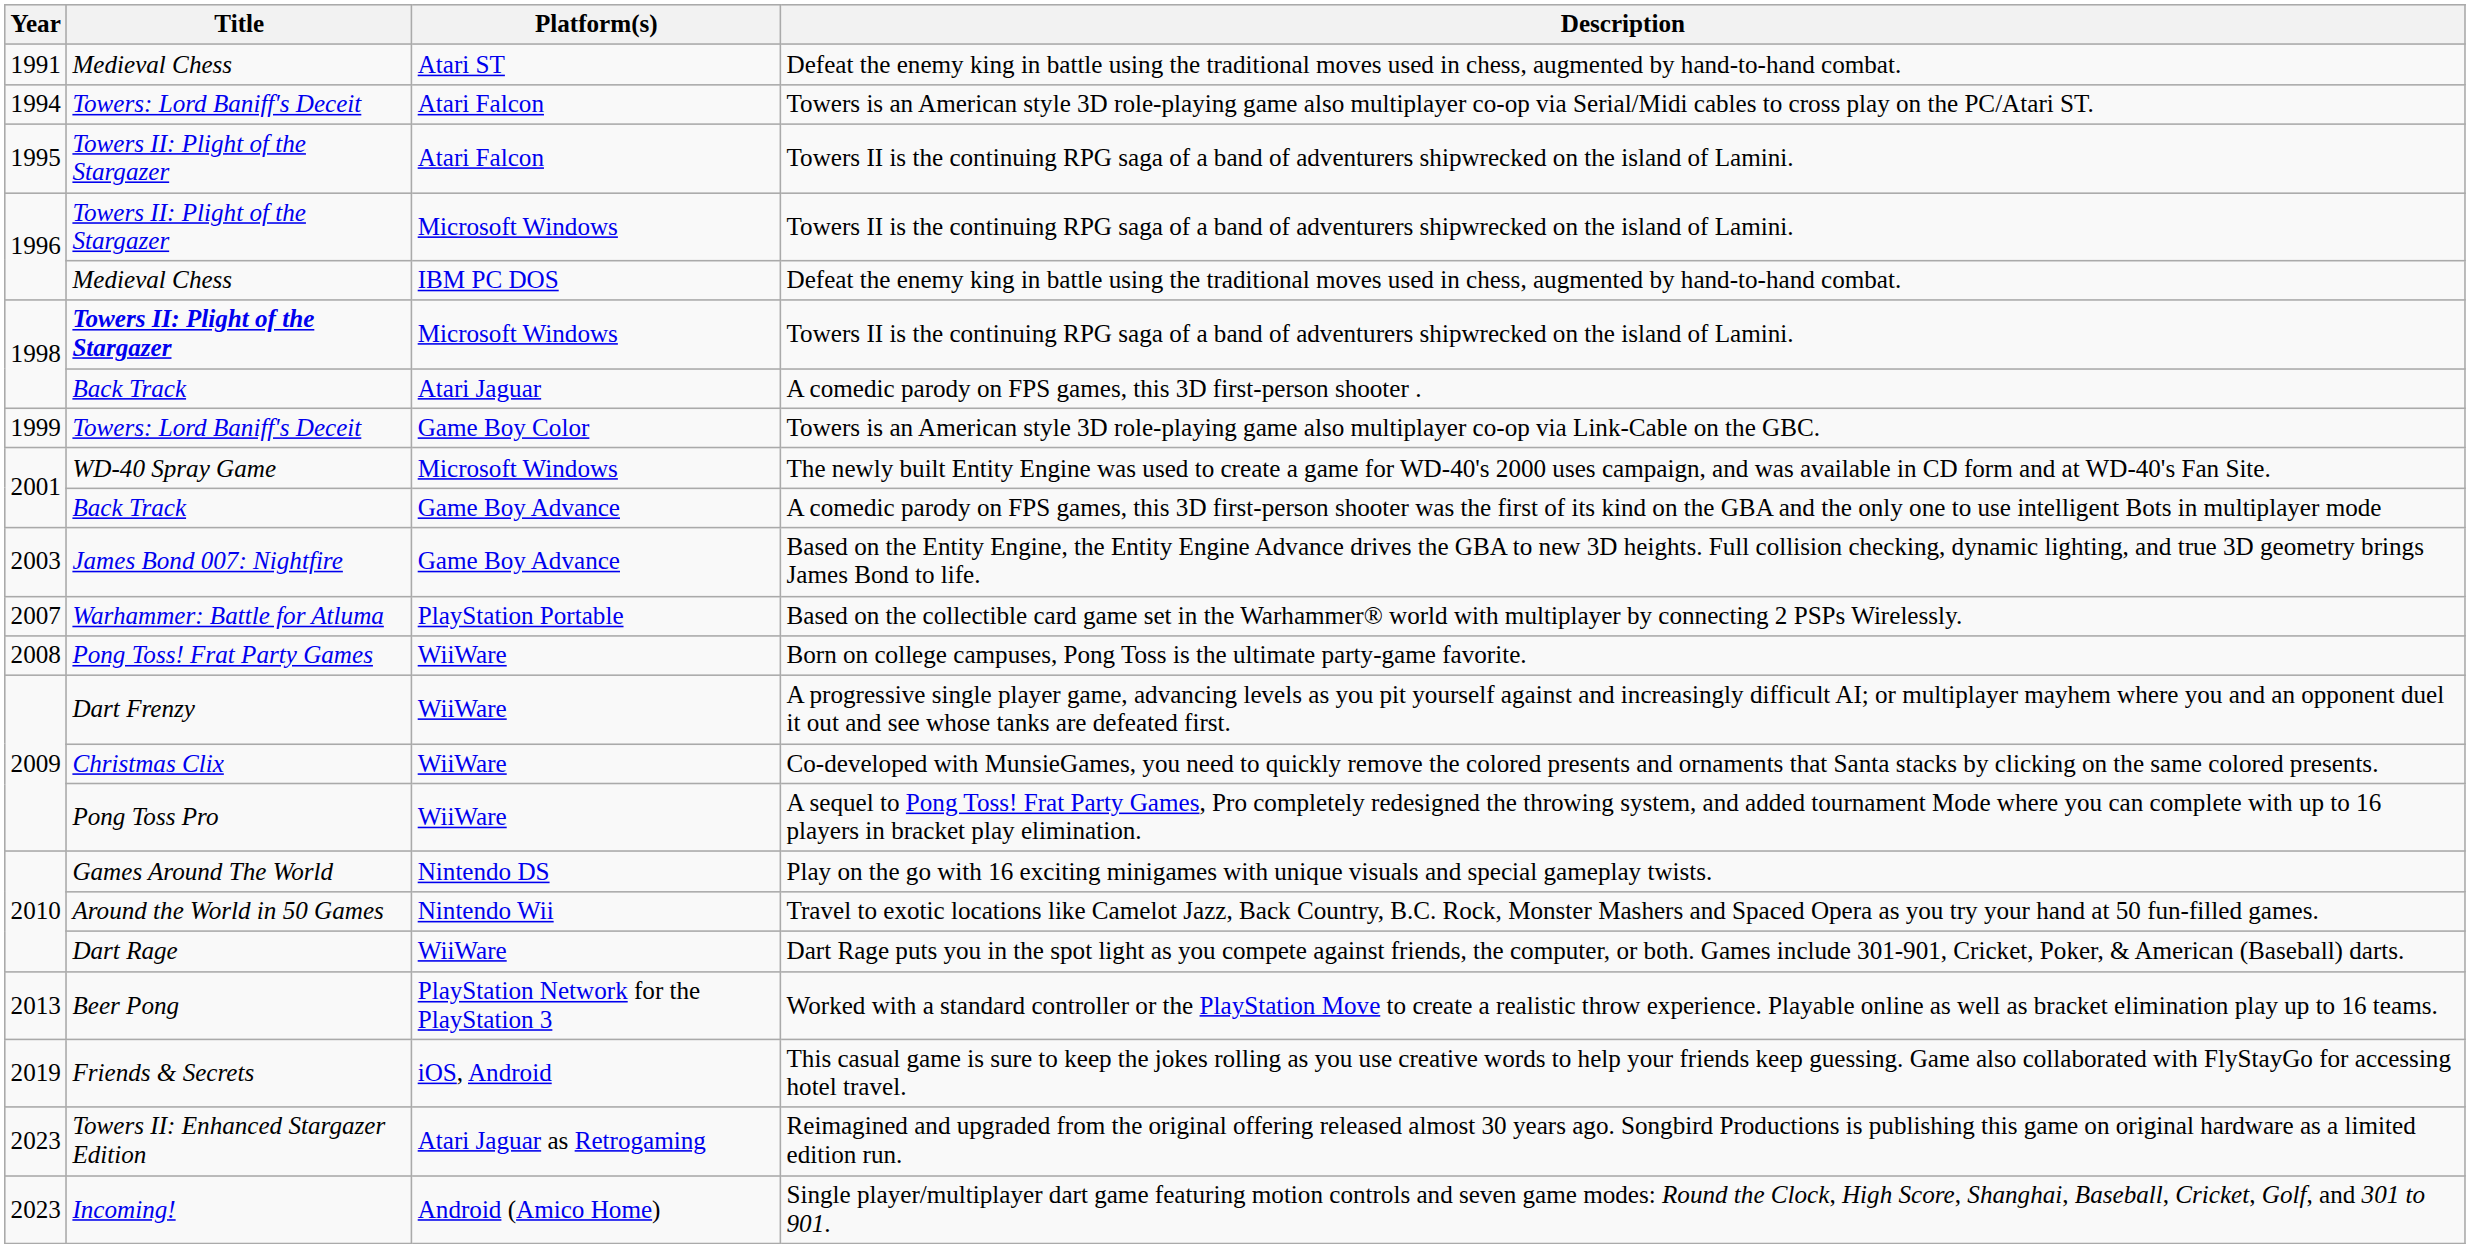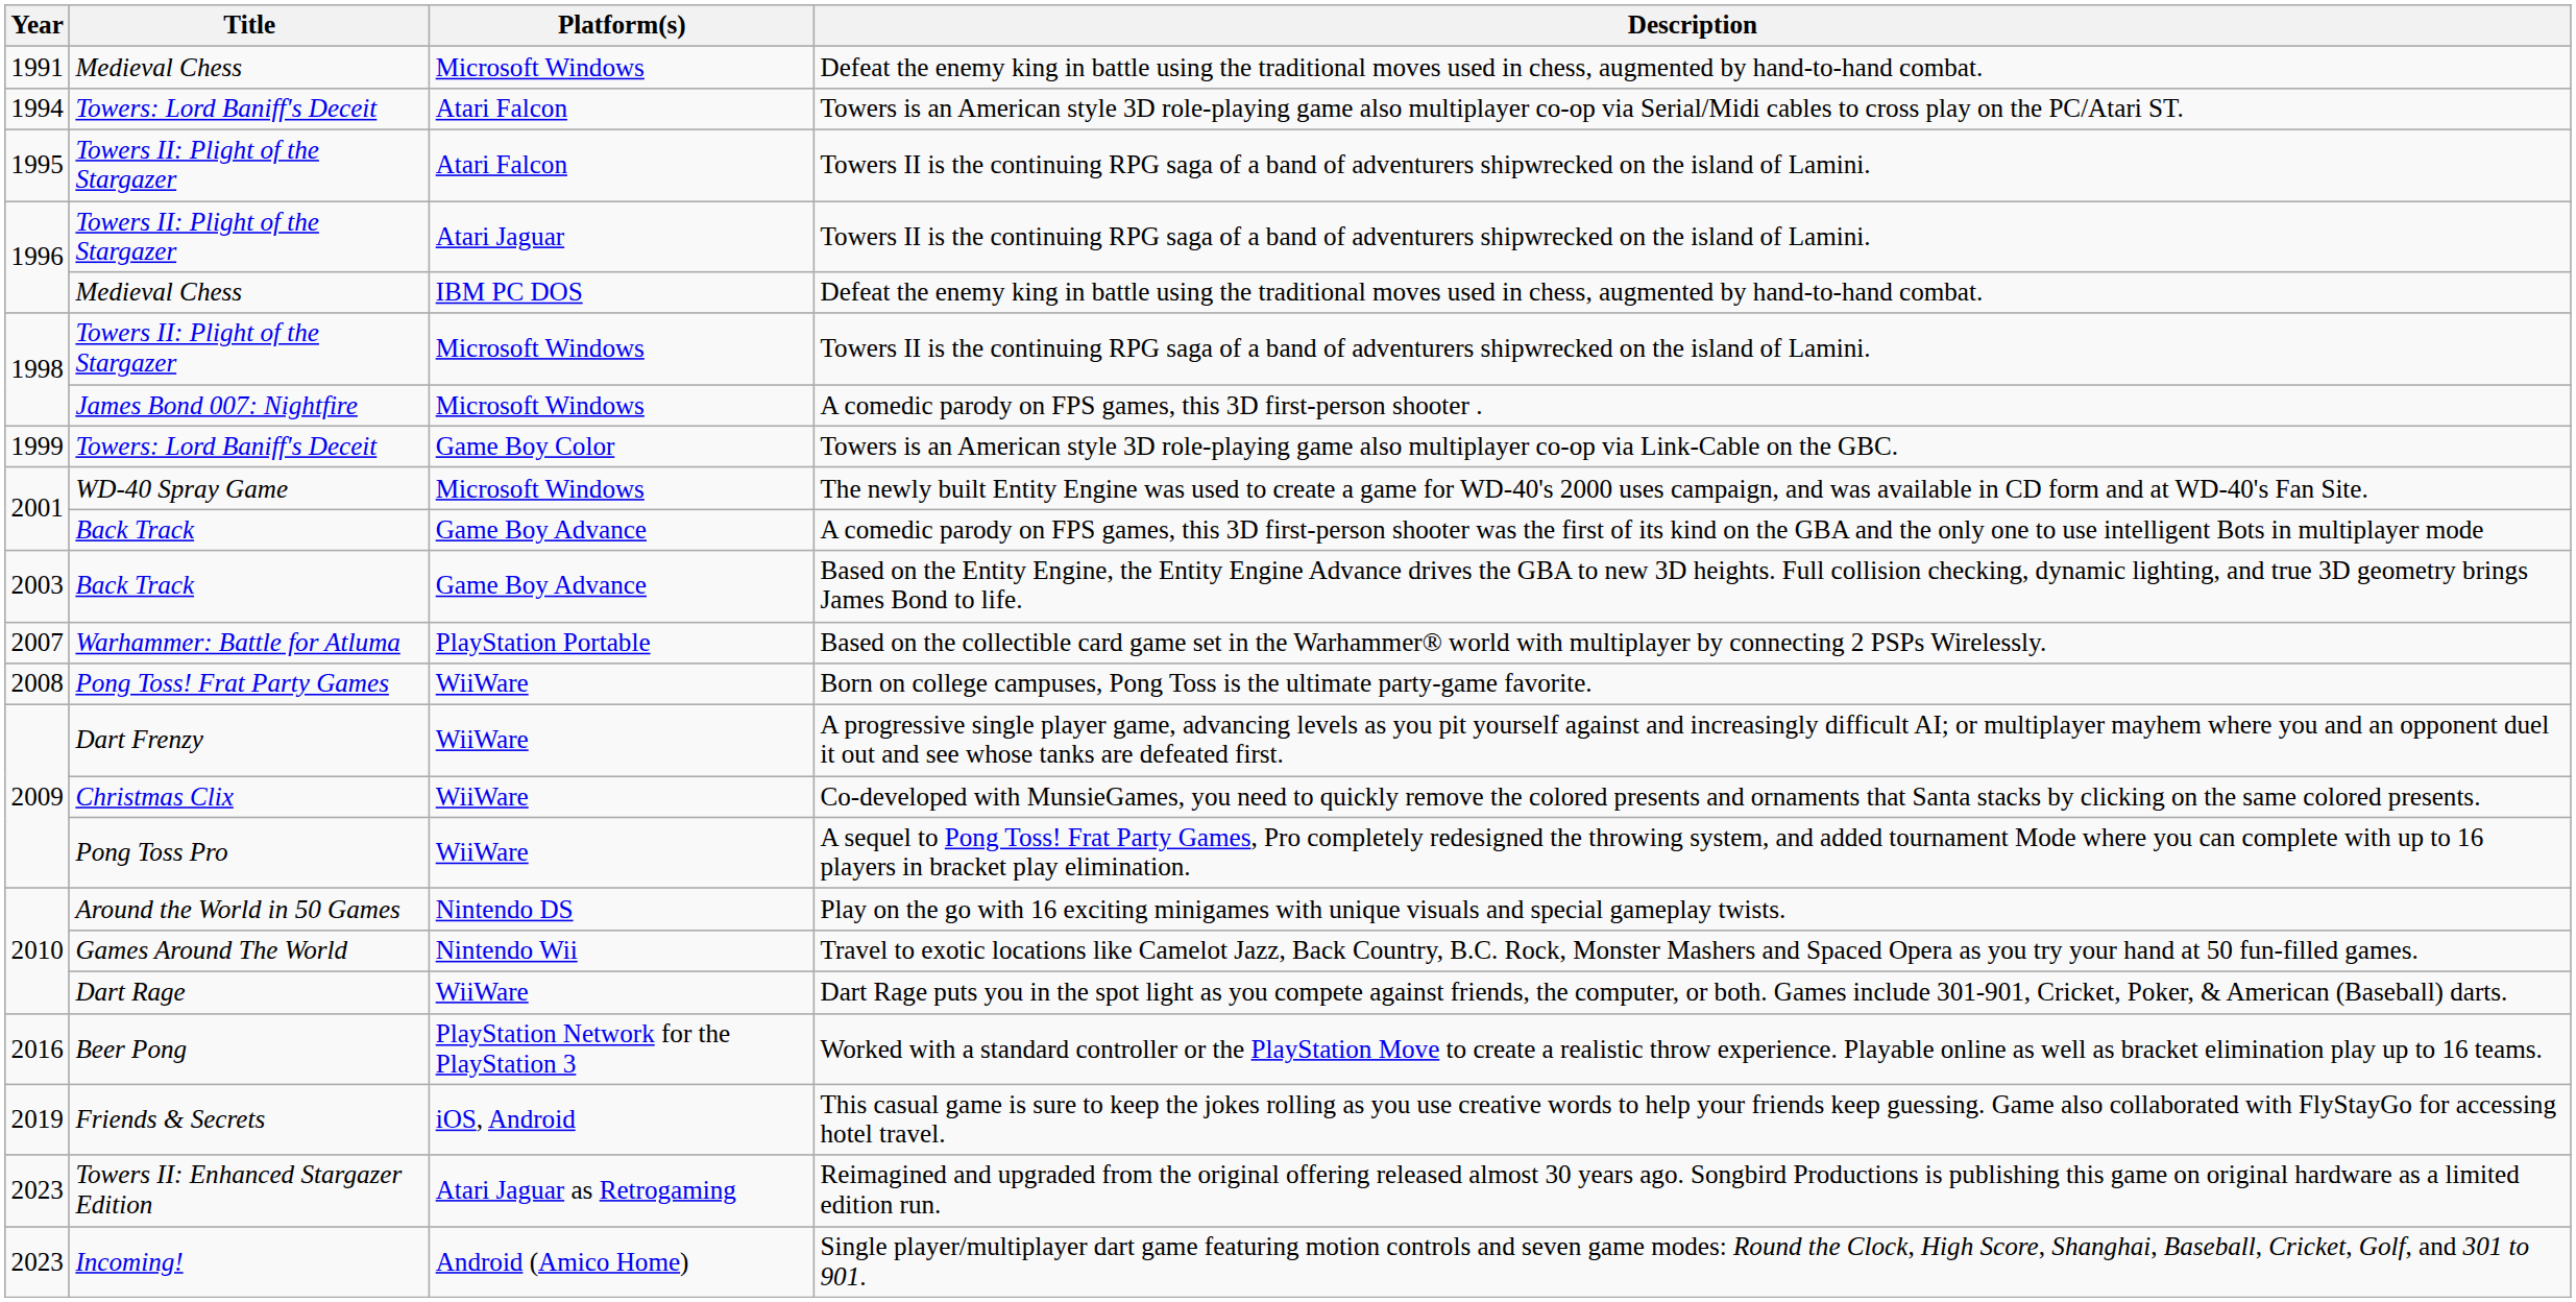 <table class="wikitable sortable">
 <tr>
 <th>Year</th>
 <th>Title</th>
 <th>Platform(s)</th>
 <th>Description</th>
 </tr>
 <tr>
 <td>1991</td>
 <td><em>Medieval Chess</em></td>
-<td><a href='#'>Atari ST</a></td>
+<td><a href='#'>Microsoft Windows</a></td>
 <td>Defeat the enemy king in battle using the traditional moves used in chess, augmented by hand-to-hand combat.</td>
 </tr>
 <tr>
 <td>1994</td>
 <td><em><a href='#'>Towers: Lord Baniff's Deceit</a></em></td>
 <td><a href='#'>Atari Falcon</a></td>
 <td>Towers is an American style 3D role-playing game also multiplayer co-op via Serial/Midi cables to cross play on the PC/Atari ST.</td>
 </tr>
 <tr>
 <td>1995</td>
 <td><em><a href='#'>Towers II: Plight of the Stargazer</a></em></td>
 <td><a href='#'>Atari Falcon</a></td>
 <td>Towers II is the continuing RPG saga of a band of adventurers shipwrecked on the island of Lamini.</td>
 </tr>
 <tr>
 <td rowspan="2">1996</td>
 <td><em><a href='#'>Towers II: Plight of the Stargazer</a></em></td>
-<td><a href='#'>Microsoft Windows</a></td>
+<td><a href='#'>Atari Jaguar</a></td>
 <td>Towers II is the continuing RPG saga of a band of adventurers shipwrecked on the island of Lamini.</td>
 </tr>
 <tr>
 <td><em>Medieval Chess</em></td>
 <td><a href='#'>IBM PC DOS</a></td>
 <td>Defeat the enemy king in battle using the traditional moves used in chess, augmented by hand-to-hand combat.</td>
 </tr>
 <tr>
 <td rowspan="2">1998</td>
-<td><strong><em><a href='#'>Towers II: Plight of the Stargazer</a></em></strong></td>
+<td><em><a href='#'>Towers II: Plight of the Stargazer</a></em></td>
 <td><a href='#'>Microsoft Windows</a></td>
 <td>Towers II is the continuing RPG saga of a band of adventurers shipwrecked on the island of Lamini.</td>
 </tr>
 <tr>
-<td><em><a href='#'>Back Track</a></em></td>
-<td><a href='#'>Atari Jaguar</a></td>
+<td><em><a href='#'>James Bond 007: Nightfire</a></em></td>
+<td><a href='#'>Microsoft Windows</a></td>
 <td>A comedic parody on FPS games, this 3D first-person shooter .</td>
 </tr>
 <tr>
 <td>1999</td>
 <td><em><a href='#'>Towers: Lord Baniff's Deceit</a></em></td>
 <td><a href='#'>Game Boy Color</a></td>
 <td>Towers is an American style 3D role-playing game also multiplayer co-op via Link-Cable on the GBC.</td>
 </tr>
 <tr>
 <td rowspan="2">2001</td>
 <td><em>WD-40 Spray Game</em></td>
 <td><a href='#'>Microsoft Windows</a></td>
 <td>The newly built Entity Engine was used to create a game for WD-40's 2000 uses campaign, and was available in CD form and at WD-40's Fan Site.</td>
 </tr>
 <tr>
 <td><em><a href='#'>Back Track</a></em></td>
 <td><a href='#'>Game Boy Advance</a></td>
 <td>A comedic parody on FPS games, this 3D first-person shooter was the first of its kind on the GBA and the only one to use intelligent Bots in multiplayer mode</td>
 </tr>
 <tr>
 <td>2003</td>
-<td><em><a href='#'>James Bond 007: Nightfire</a></em></td>
+<td><em><a href='#'>Back Track</a></em></td>
 <td><a href='#'>Game Boy Advance</a></td>
 <td>Based on the Entity Engine, the Entity Engine Advance drives the GBA to new 3D heights. Full collision checking, dynamic lighting, and true 3D geometry brings James Bond to life.</td>
 </tr>
 <tr>
 <td>2007</td>
 <td><em><a href='#'>Warhammer: Battle for Atluma</a></em></td>
 <td><a href='#'>PlayStation Portable</a></td>
 <td>Based on the collectible card game set in the Warhammer® world with multiplayer by connecting 2 PSPs Wirelessly.</td>
 </tr>
 <tr>
 <td>2008</td>
 <td><em><a href='#'>Pong Toss! Frat Party Games</a></em></td>
 <td><a href='#'>WiiWare</a></td>
 <td>Born on college campuses, Pong Toss is the ultimate party-game favorite.</td>
 </tr>
 <tr>
 <td rowspan="3">2009</td>
 <td><em>Dart Frenzy</em></td>
 <td><a href='#'>WiiWare</a></td>
 <td>A progressive single player game, advancing levels as you pit yourself against and increasingly difficult AI; or multiplayer mayhem where you and an opponent duel it out and see whose tanks are defeated first.</td>
 </tr>
 <tr>
 <td><em><a href='#'>Christmas Clix</a></em></td>
 <td><a href='#'>WiiWare</a></td>
 <td>Co-developed with MunsieGames, you need to quickly remove the colored presents and ornaments that Santa stacks by clicking on the same colored presents.</td>
 </tr>
 <tr>
 <td><em>Pong Toss Pro</em></td>
 <td><a href='#'>WiiWare</a></td>
 <td>A sequel to <a href='#'>Pong Toss! Frat Party Games</a>, Pro completely redesigned the throwing system, and added tournament Mode where you can complete with up to 16 players in bracket play elimination.</td>
 </tr>
 <tr>
 <td rowspan="3">2010</td>
-<td><em>Games Around The World</em></td>
+<td><em>Around the World in 50 Games</em></td>
 <td><a href='#'>Nintendo DS</a></td>
 <td>Play on the go with 16 exciting minigames with unique visuals and special gameplay twists.</td>
 </tr>
 <tr>
-<td><em>Around the World in 50 Games</em></td>
+<td><em>Games Around The World</em></td>
 <td><a href='#'>Nintendo Wii</a></td>
 <td>Travel to exotic locations like Camelot Jazz, Back Country, B.C. Rock, Monster Mashers and Spaced Opera as you try your hand at 50 fun-filled games.</td>
 </tr>
 <tr>
 <td><em>Dart Rage</em></td>
 <td><a href='#'>WiiWare</a></td>
 <td>Dart Rage puts you in the spot light as you compete against friends, the computer, or both. Games include 301-901, Cricket, Poker, & American (Baseball) darts.</td>
 </tr>
 <tr>
-<td>2013</td>
+<td>2016</td>
 <td><em>Beer Pong</em></td>
 <td><a href='#'>PlayStation Network</a> for the <a href='#'>PlayStation 3</a></td>
 <td>Worked with a standard controller or the <a href='#'>PlayStation Move</a> to create a realistic throw experience. Playable online as well as bracket elimination play up to 16 teams.</td>
 </tr>
 <tr>
 <td>2019</td>
 <td><em>Friends & Secrets</em></td>
 <td><a href='#'>iOS</a>, <a href='#'>Android</a></td>
 <td>This casual game is sure to keep the jokes rolling as you use creative words to help your friends keep guessing. Game also collaborated with FlyStayGo for accessing hotel travel.</td>
 </tr>
 <tr>
 <td>2023</td>
 <td><em>Towers II: Enhanced Stargazer Edition</em></td>
 <td><a href='#'>Atari Jaguar</a> as <a href='#'>Retrogaming</a></td>
 <td>Reimagined and upgraded from the original offering released almost 30 years ago. Songbird Productions is publishing this game on original hardware as a limited edition run.</td>
 </tr>
 <tr>
 <td>2023</td>
 <td><em><a href='#'>Incoming!</a></em></td>
 <td><a href='#'>Android</a> (<a href='#'>Amico Home</a>)</td>
 <td>Single player/multiplayer dart game featuring motion controls and seven game modes: <em>Round the Clock</em>, <em>High Score</em>, <em>Shanghai</em>, <em>Baseball</em>, <em>Cricket</em>, <em>Golf</em>, and <em>301 to 901</em>.</td>
 </tr>
 </table>
